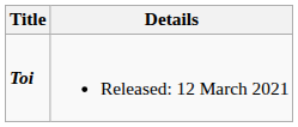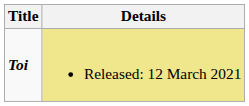 <table class="wikitable">
 <tr>
 <th>Title</th>
 <th>Details</th>
 </tr>
 <tr>
 <td><strong><em>Toi</em></strong></td>
-<td><br><ul><li>Released: 12 March 2021</li></ul></td>
+<td style="background: khaki;"><br><ul><li>Released: 12 March 2021</li></ul></td>
 </tr>
 </table>
